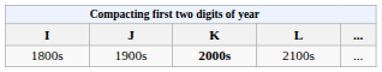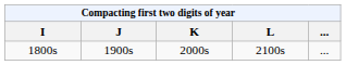 <table class="wikitable" style="margin: 20px; text-align: center; min-width: 50%;">
 <tr>
 <th colspan=5 style="background:#edf3fe; font-size: 0.85em; text-align: left; padding-left: 100px;">Compacting first two digits of year</th>
 </tr>
 <tr>
 <th>I</th>
 <th>J</th>
 <th>K</th>
 <th>L</th>
 <th>...</th>
 </tr>
 <tr>
 <td>1800s</td>
 <td>1900s</td>
-<td><strong>2000s</strong></td>
+<td>2000s</td>
 <td>2100s</td>
 <td>...</td>
 </tr>
 </table>
